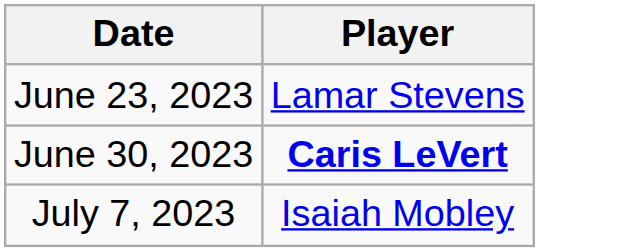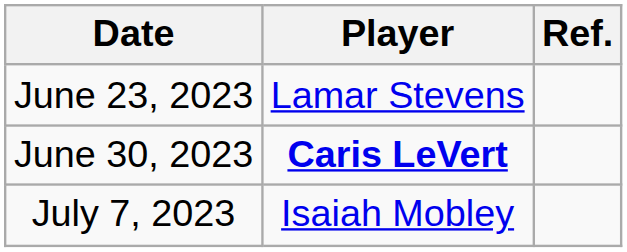 <table class="wikitable sortable sortable" style="text-align: center">
 <tr>
 <th>Date</th>
 <th>Player</th>
+<th>Ref.</th>
 </tr>
 <tr>
 <td>June 23, 2023</td>
 <td><a href='#'>Lamar Stevens</a></td>
+<td></td>
 </tr>
 <tr>
 <td>June 30, 2023</td>
 <td><strong><a href='#'>Caris LeVert</a></strong></td>
+<td></td>
 </tr>
 <tr>
 <td>July 7, 2023</td>
 <td><a href='#'>Isaiah Mobley</a></td>
+<td></td>
 </tr>
 </table>
